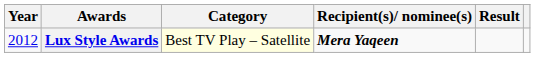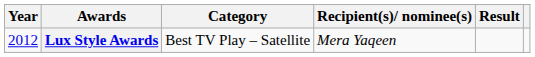 <table class="wikitable plainrowheaders">
 <tr>
 <th>Year</th>
 <th>Awards</th>
 <th>Category</th>
 <th>Recipient(s)/ nominee(s)</th>
 <th>Result</th>
 <th></th>
 </tr>
 <tr>
 <td rowspan="3"><a href='#'>2012</a></td>
 <th scope="row"><a href='#'>Lux Style Awards</a></th>
-<td style="background: lightyellow;">Best TV Play – Satellite</td>
-<td><strong><em>Mera Yaqeen</em></strong></td>
+<td>Best TV Play – Satellite</td>
+<td><em>Mera Yaqeen</em></td>
 <td></td>
 <td></td>
 </tr>
 </table>
